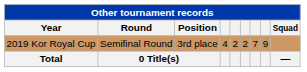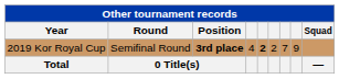 <table class="wikitable collapsible autocollapse" style="text-align: center; font-size:95%;">
 <tr>
 <th colspan=9 style="background:#0038A8; color:#FFFFFF;">Other tournament records</th>
 </tr>
 <tr>
 <th>Year</th>
 <th>Round</th>
 <th>Position</th>
 <th></th>
 <th></th>
 <th></th>
 <th></th>
 <th></th>
 <th><small>Squad</small></th>
 </tr>
 <tr bgcolor=#cc9966>
 <td> 2019 Kor Royal Cup</td>
 <td>Semifinal Round</td>
-<td>3rd place</td>
+<td><strong>3rd place</strong></td>
 <td>4</td>
-<td>2</td>
+<td><strong>2</strong></td>
 <td>2</td>
 <td>7</td>
 <td>9</td>
 <td></td>
 </tr>
 <tr>
 <th>Total</th>
 <th colspan="2">0 Title(s)</th>
 <th></th>
 <th></th>
 <th></th>
 <th></th>
 <th></th>
 <th>—</th>
 </tr>
 </table>
